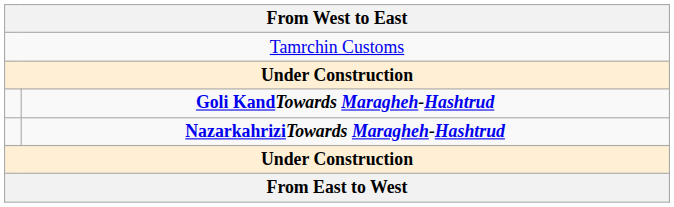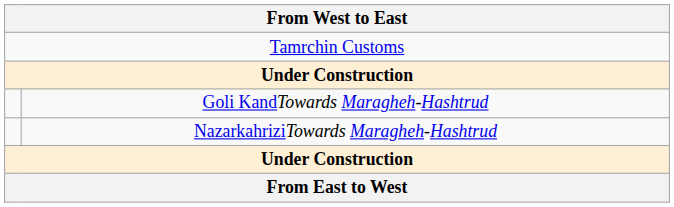 <table class="wikitable" style="text-align:center" width="600px">
 <tr>
 <th text-align="center" colspan="3"> From West to East </th>
 </tr>
 <tr>
 <td colspan="7"> <a href='#'>Tamrchin Customs</a></td>
 </tr>
 <tr>
 <td text-align="center" colspan="3" bgcolor="#FFEFD5"> <strong>Under Construction</strong> </td>
 </tr>
 <tr>
 <td></td>
-<td><strong> <a href='#'>Goli Kand</a><em>Towards <a href='#'>Maragheh</a>-<a href='#'>Hashtrud</a></em></strong></td>
+<td> <a href='#'>Goli Kand</a><em>Towards <a href='#'>Maragheh</a>-<a href='#'>Hashtrud</a></em></td>
 </tr>
 <tr>
 <td></td>
-<td><strong> <a href='#'>Nazarkahrizi</a><em>Towards <a href='#'>Maragheh</a>-<a href='#'>Hashtrud</a></em></strong></td>
+<td> <a href='#'>Nazarkahrizi</a><em>Towards <a href='#'>Maragheh</a>-<a href='#'>Hashtrud</a></em></td>
 </tr>
 <tr>
 <td text- colspan="3" style="text-align:center; background:#ffefd5;"> <strong>Under Construction</strong> </td>
 </tr>
 <tr>
 <th text-align="center" colspan="3"> From East to West </th>
 </tr>
 </table>
